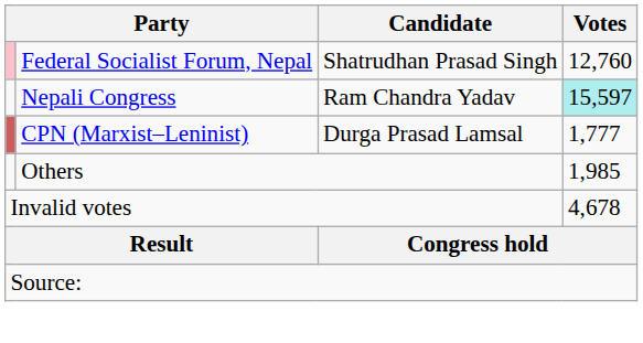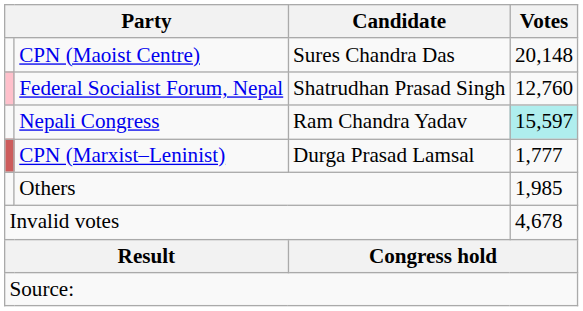 <table class="wikitable">
 <tr>
 <th colspan="2">Party</th>
 <th>Candidate</th>
 <th>Votes</th>
+</tr>
+<tr>
+<td style="background-color:"></td>
+<td><a href='#'>CPN (Maoist Centre)</a></td>
+<td>Sures Chandra Das</td>
+<td>20,148</td>
 </tr>
 <tr>
 <td style="background-color:pink"></td>
 <td><a href='#'>Federal Socialist Forum, Nepal</a></td>
 <td>Shatrudhan Prasad Singh</td>
 <td>12,760</td>
 </tr>
 <tr>
 <td style="background-color:"></td>
 <td><a href='#'>Nepali Congress</a></td>
 <td>Ram Chandra Yadav</td>
 <td style="background: paleturquoise;">15,597</td>
 </tr>
 <tr>
 <td style="background-color:indianred"></td>
 <td><a href='#'>CPN (Marxist–Leninist)</a></td>
 <td>Durga Prasad Lamsal</td>
 <td>1,777</td>
 </tr>
 <tr>
 <td></td>
 <td colspan="2">Others</td>
 <td>1,985</td>
 </tr>
 <tr>
 <td colspan="3">Invalid votes</td>
 <td>4,678</td>
 </tr>
 <tr>
 <th colspan="2">Result</th>
 <th colspan="2">Congress hold</th>
 </tr>
 <tr>
 <td colspan="4">Source: </td>
 </tr>
 </table>
